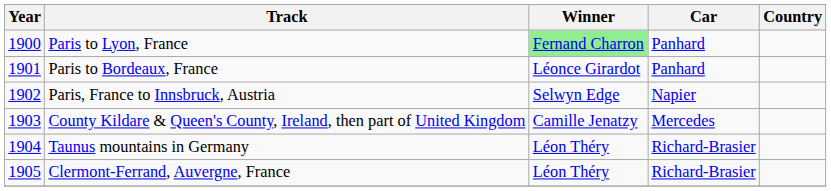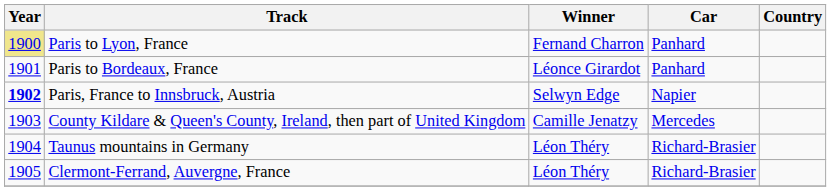 <table class="wikitable">
 <tr>
 <th>Year</th>
 <th>Track</th>
 <th>Winner</th>
 <th>Car</th>
 <th>Country</th>
 </tr>
 <tr>
-<td><a href='#'>1900</a></td>
+<td style="background: khaki;"><a href='#'>1900</a></td>
 <td> <a href='#'>Paris</a> to <a href='#'>Lyon</a>, France</td>
-<td style="background: lightgreen;"> <a href='#'>Fernand Charron</a></td>
+<td> <a href='#'>Fernand Charron</a></td>
 <td><a href='#'>Panhard</a></td>
 <td></td>
 </tr>
 <tr>
 <td><a href='#'>1901</a></td>
 <td> Paris to <a href='#'>Bordeaux</a>, France</td>
 <td> <a href='#'>Léonce Girardot</a></td>
 <td><a href='#'>Panhard</a></td>
 <td></td>
 </tr>
 <tr>
-<td><a href='#'>1902</a></td>
+<td><strong><a href='#'>1902</a></strong></td>
 <td> Paris, France to  <a href='#'>Innsbruck</a>, Austria</td>
 <td> <a href='#'>Selwyn Edge</a></td>
 <td><a href='#'>Napier</a></td>
 <td></td>
 </tr>
 <tr>
 <td><a href='#'>1903</a></td>
 <td> <a href='#'>County Kildare</a> & <a href='#'>Queen's County</a>, <a href='#'>Ireland</a>, then part of  <a href='#'>United Kingdom</a></td>
 <td> <a href='#'>Camille Jenatzy</a></td>
 <td><a href='#'>Mercedes</a></td>
 <td></td>
 </tr>
 <tr>
 <td><a href='#'>1904</a></td>
 <td> <a href='#'>Taunus</a> mountains in Germany</td>
 <td> <a href='#'>Léon Théry</a></td>
 <td><a href='#'>Richard-Brasier</a></td>
 <td></td>
 </tr>
 <tr>
 <td><a href='#'>1905</a></td>
 <td> <a href='#'>Clermont-Ferrand</a>, <a href='#'>Auvergne</a>, France</td>
 <td> <a href='#'>Léon Théry</a></td>
 <td><a href='#'>Richard-Brasier</a></td>
 <td></td>
 </tr>
 <tr>
 </tr>
 </table>
